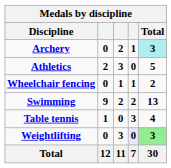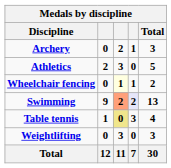 <table class="wikitable" style="font-size:85%" align="right">
 <tr bgcolor="#efefef">
 <th colspan=6>Medals by discipline</th>
 </tr>
 <tr style="text-align:center;">
 <th>Discipline</th>
 <th></th>
 <th></th>
 <th></th>
 <th>Total</th>
 </tr>
 <tr style="text-align:center; font-weight:bold;">
 <td><a href='#'>Archery</a></td>
 <td>0</td>
 <td>2</td>
 <td>1</td>
-<td style="background: paleturquoise;">3</td>
+<td>3</td>
 </tr>
 <tr style="text-align:center; font-weight:bold;">
 <td><a href='#'>Athletics</a></td>
 <td>2</td>
 <td>3</td>
 <td>0</td>
 <td>5</td>
 </tr>
 <tr style="text-align:center; font-weight:bold;">
 <td><a href='#'>Wheelchair fencing</a></td>
 <td>0</td>
-<td>1</td>
+<td style="background: lightyellow;">1</td>
 <td>1</td>
 <td>2</td>
 </tr>
 <tr style="text-align:center; font-weight:bold;">
 <td><a href='#'>Swimming</a></td>
 <td>9</td>
-<td>2</td>
-<td>2</td>
+<td style="background: lightsalmon;">2</td>
+<td style="background: lavender;">2</td>
 <td>13</td>
 </tr>
 <tr style="text-align:center; font-weight:bold;">
 <td><a href='#'>Table tennis</a></td>
 <td>1</td>
-<td>0</td>
+<td style="background: khaki;">0</td>
 <td>3</td>
 <td>4</td>
 </tr>
 <tr style="text-align:center; font-weight:bold;">
 <td><a href='#'>Weightlifting</a></td>
 <td>0</td>
 <td>3</td>
-<td style="background: lavender;">0</td>
-<td style="background: lightgreen;">3</td>
+<td>0</td>
+<td>3</td>
 </tr>
 <tr style="text-align:center;">
 <th>Total</th>
 <th>12</th>
 <th>11</th>
 <th>7</th>
 <th>30</th>
 </tr>
 </table>
